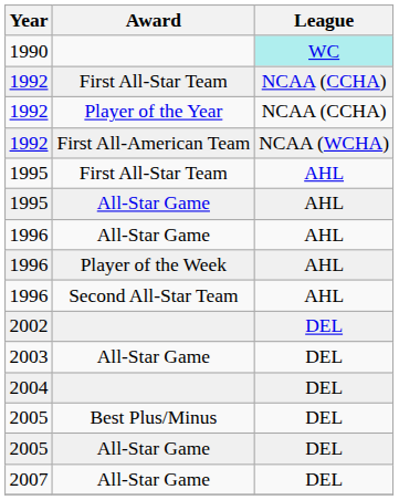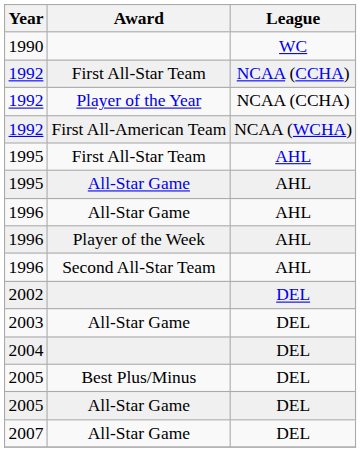 <table class="wikitable" style="text-align: center;">
 <tr ALIGN="center">
 <th>Year</th>
 <th>Award</th>
 <th>League</th>
 </tr>
 <tr>
 <td>1990</td>
 <td></td>
-<td style="background: paleturquoise;"><a href='#'>WC</a></td>
+<td><a href='#'>WC</a></td>
 </tr>
 <tr bgcolor="#f0f0f0">
 <td><a href='#'>1992</a></td>
 <td>First All-Star Team</td>
 <td><a href='#'>NCAA</a> (<a href='#'>CCHA</a>)</td>
 </tr>
 <tr>
 <td><a href='#'>1992</a></td>
 <td><a href='#'>Player of the Year</a></td>
 <td>NCAA (CCHA)</td>
 </tr>
 <tr bgcolor="#f0f0f0">
 <td><a href='#'>1992</a></td>
 <td>First All-American Team</td>
 <td>NCAA (<a href='#'>WCHA</a>)</td>
 </tr>
 <tr>
 <td>1995</td>
 <td>First All-Star Team</td>
 <td><a href='#'>AHL</a></td>
 </tr>
 <tr bgcolor="#f0f0f0">
 <td>1995</td>
 <td><a href='#'>All-Star Game</a></td>
 <td>AHL</td>
 </tr>
 <tr>
 <td>1996</td>
 <td>All-Star Game</td>
 <td>AHL</td>
 </tr>
 <tr bgcolor="#f0f0f0">
 <td>1996</td>
 <td>Player of the Week</td>
 <td>AHL</td>
 </tr>
 <tr>
 <td>1996</td>
 <td>Second All-Star Team</td>
 <td>AHL</td>
 </tr>
 <tr bgcolor="#f0f0f0">
 <td>2002</td>
 <td></td>
 <td><a href='#'>DEL</a></td>
 </tr>
 <tr>
 <td>2003</td>
 <td>All-Star Game</td>
 <td>DEL</td>
 </tr>
 <tr bgcolor="#f0f0f0">
 <td>2004</td>
 <td></td>
 <td>DEL</td>
 </tr>
 <tr>
 <td>2005</td>
 <td>Best Plus/Minus</td>
 <td>DEL</td>
 </tr>
 <tr bgcolor="#f0f0f0">
 <td>2005</td>
 <td>All-Star Game</td>
 <td>DEL</td>
 </tr>
 <tr>
 <td>2007</td>
 <td>All-Star Game</td>
 <td>DEL</td>
 </tr>
 <tr>
 </tr>
 </table>
